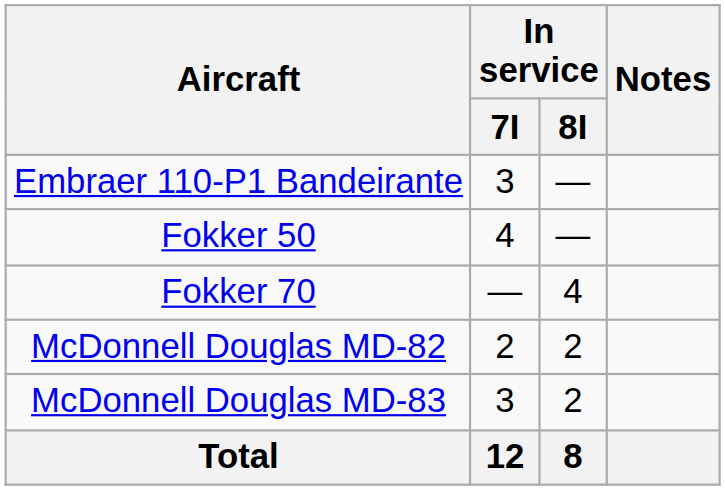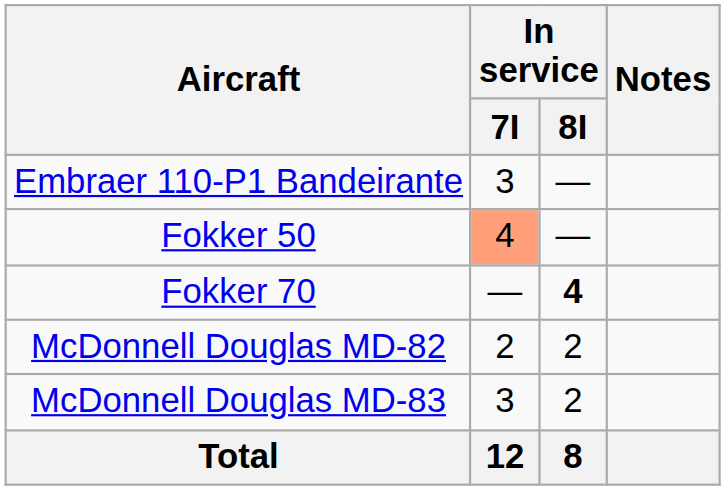 <table class="wikitable" style="margin:1em auto;">
 <tr>
 <th rowspan="2">Aircraft</th>
 <th Colspan="2">In service</th>
 <th rowspan="2">Notes</th>
 </tr>
 <tr>
 <th style="width:20px;"><abbr>7I</abbr></th>
 <th style="width:20px;"><abbr>8I</abbr></th>
 </tr>
 <tr>
 <td align=center><a href='#'>Embraer 110-P1 Bandeirante</a></td>
 <td align=center>3</td>
 <td align=center>—</td>
 <td align=center></td>
 </tr>
 <tr>
 <td align=center><a href='#'>Fokker 50</a></td>
-<td align=center>4</td>
+<td align=center style="background: lightsalmon;">4</td>
 <td align=center>—</td>
 <td align=center></td>
 </tr>
 <tr>
 <td align=center><a href='#'>Fokker 70</a></td>
 <td align=center>—</td>
-<td align=center>4</td>
+<td align=center><strong>4</strong></td>
 <td align=center></td>
 </tr>
 <tr>
 <td align=center><a href='#'>McDonnell Douglas MD-82</a></td>
 <td align=center>2</td>
 <td align=center>2</td>
 <td align=center></td>
 </tr>
 <tr>
 <td align=center><a href='#'>McDonnell Douglas MD-83</a></td>
 <td align=center>3</td>
 <td align=center>2</td>
 <td align=center></td>
 </tr>
 <tr>
 <th>Total</th>
 <th>12</th>
 <th>8</th>
 <th colspan="4"></th>
 </tr>
 </table>
